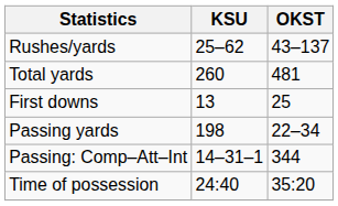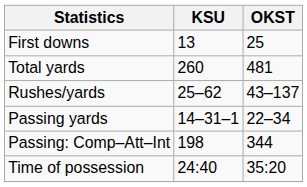 <table class="wikitable" style="float: left;">
 <tr>
 <th>Statistics</th>
 <th>KSU</th>
 <th>OKST</th>
 </tr>
 <tr>
-<td>Rushes/yards</td>
-<td>25–62</td>
-<td>43–137</td>
+<td>First downs</td>
+<td>13</td>
+<td>25</td>
 </tr>
 <tr>
 <td>Total yards</td>
 <td>260</td>
 <td>481</td>
 </tr>
 <tr>
-<td>First downs</td>
-<td>13</td>
-<td>25</td>
+<td>Rushes/yards</td>
+<td>25–62</td>
+<td>43–137</td>
 </tr>
 <tr>
 <td>Passing yards</td>
-<td>198</td>
+<td>14–31–1</td>
 <td>22–34</td>
 </tr>
 <tr>
 <td>Passing: Comp–Att–Int</td>
-<td>14–31–1</td>
+<td>198</td>
 <td>344</td>
 </tr>
 <tr>
 <td>Time of possession</td>
 <td>24:40</td>
 <td>35:20</td>
 </tr>
 <tr>
 </tr>
 </table>
